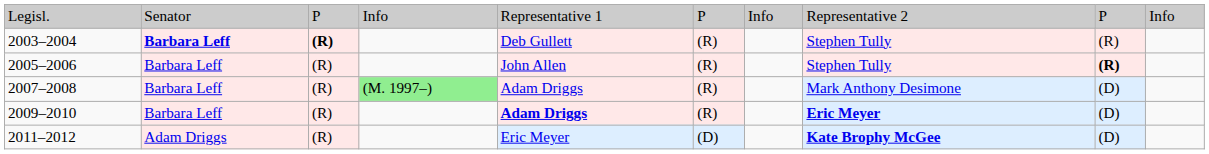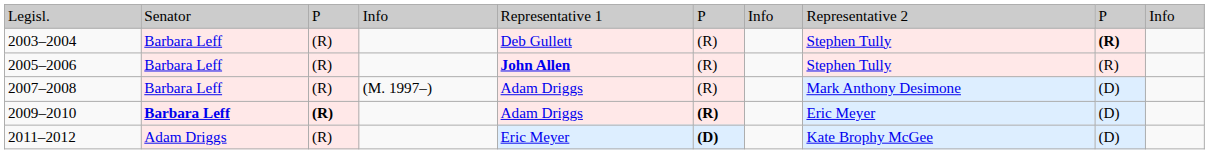 <table class=wikitable width="100%" border="1">
 <tr style="background-color:#cccccc;">
 <td>Legisl.</td>
 <td>Senator</td>
 <td>P</td>
 <td>Info</td>
 <td>Representative 1</td>
 <td>P</td>
 <td>Info</td>
 <td>Representative 2</td>
 <td>P</td>
 <td>Info</td>
 </tr>
 <tr>
 <td>2003–2004</td>
-<td style="background:#FFE8E8"><strong><a href='#'>Barbara Leff</a></strong></td>
+<td style="background:#FFE8E8"><a href='#'>Barbara Leff</a></td>
+<td style="background:#FFE8E8">(R)</td>
+<td></td>
+<td style="background:#FFE8E8"><a href='#'>Deb Gullett</a></td>
+<td style="background:#FFE8E8">(R)</td>
+<td></td>
+<td style="background:#FFE8E8"><a href='#'>Stephen Tully</a></td>
 <td style="background:#FFE8E8"><strong>(R)</strong></td>
 <td></td>
-<td style="background:#FFE8E8"><a href='#'>Deb Gullett</a></td>
+</tr>
+<tr>
+<td>2005–2006</td>
+<td style="background:#FFE8E8"><a href='#'>Barbara Leff</a></td>
+<td style="background:#FFE8E8">(R)</td>
+<td></td>
+<td style="background:#FFE8E8"><strong><a href='#'>John Allen</a></strong></td>
 <td style="background:#FFE8E8">(R)</td>
 <td></td>
 <td style="background:#FFE8E8"><a href='#'>Stephen Tully</a></td>
 <td style="background:#FFE8E8">(R)</td>
 <td></td>
 </tr>
 <tr>
-<td>2005–2006</td>
-<td style="background:#FFE8E8"><a href='#'>Barbara Leff</a></td>
-<td style="background:#FFE8E8">(R)</td>
-<td></td>
-<td style="background:#FFE8E8"><a href='#'>John Allen</a></td>
-<td style="background:#FFE8E8">(R)</td>
-<td></td>
-<td style="background:#FFE8E8"><a href='#'>Stephen Tully</a></td>
-<td style="background:#FFE8E8"><strong>(R)</strong></td>
-<td></td>
-</tr>
-<tr>
 <td>2007–2008</td>
 <td style="background:#FFE8E8"><a href='#'>Barbara Leff</a></td>
 <td style="background:#FFE8E8">(R)</td>
-<td style="background: lightgreen;"> (M. 1997–)</td>
+<td> (M. 1997–)</td>
 <td style="background:#FFE8E8"><a href='#'>Adam Driggs</a></td>
 <td style="background:#FFE8E8">(R)</td>
 <td></td>
 <td style="background:#DDEEFF"><a href='#'>Mark Anthony Desimone</a></td>
 <td style="background:#DDEEFF">(D)</td>
 <td></td>
 </tr>
 <tr>
 <td>2009–2010</td>
-<td style="background:#FFE8E8"><a href='#'>Barbara Leff</a></td>
-<td style="background:#FFE8E8">(R)</td>
+<td style="background:#FFE8E8"><strong><a href='#'>Barbara Leff</a></strong></td>
+<td style="background:#FFE8E8"><strong>(R)</strong></td>
 <td></td>
-<td style="background:#FFE8E8"><strong><a href='#'>Adam Driggs</a></strong></td>
-<td style="background:#FFE8E8">(R)</td>
+<td style="background:#FFE8E8"><a href='#'>Adam Driggs</a></td>
+<td style="background:#FFE8E8"><strong>(R)</strong></td>
 <td></td>
-<td style="background:#DDEEFF"><strong><a href='#'>Eric Meyer</a></strong></td>
+<td style="background:#DDEEFF"><a href='#'>Eric Meyer</a></td>
 <td style="background:#DDEEFF">(D)</td>
 <td></td>
 </tr>
 <tr>
 <td>2011–2012</td>
 <td style="background:#FFE8E8"><a href='#'>Adam Driggs</a></td>
 <td style="background:#FFE8E8">(R)</td>
 <td></td>
 <td style="background:#DDEEFF"><a href='#'>Eric Meyer</a></td>
-<td style="background:#DDEEFF">(D)</td>
+<td style="background:#DDEEFF"><strong>(D)</strong></td>
 <td></td>
-<td style="background:#DDEEFF"><strong><a href='#'>Kate Brophy McGee</a></strong></td>
+<td style="background:#DDEEFF"><a href='#'>Kate Brophy McGee</a></td>
 <td style="background:#DDEEFF">(D)</td>
 <td></td>
 </tr>
 </table>
